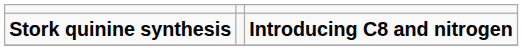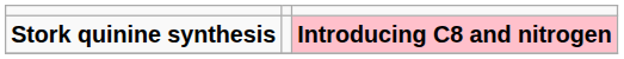 <table align="center"  class="wikitable">
 <tr>
 <td></td>
 <td></td>
 <td></td>
 </tr>
 <tr>
 <td><strong>Stork quinine synthesis</strong></td>
 <td></td>
-<td><strong>Introducing C8 and nitrogen</strong></td>
+<td style="background: pink;"><strong>Introducing C8 and nitrogen</strong></td>
 </tr>
 <tr>
 </tr>
 </table>
